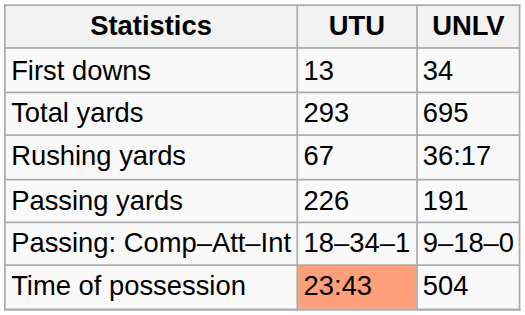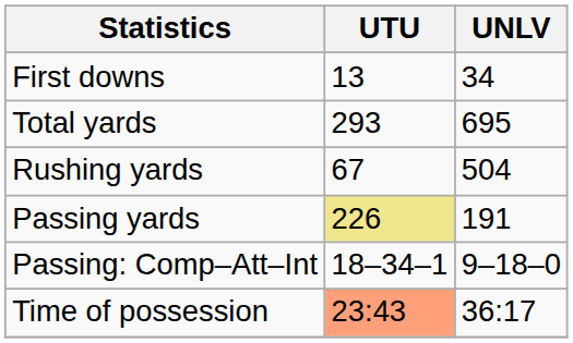 <table class="wikitable" style="float: left;">
 <tr>
 <th>Statistics</th>
 <th>UTU</th>
 <th>UNLV</th>
 </tr>
 <tr>
 <td>First downs</td>
 <td>13</td>
 <td>34</td>
 </tr>
 <tr>
 <td>Total yards</td>
 <td>293</td>
 <td>695</td>
 </tr>
 <tr>
 <td>Rushing yards</td>
 <td>67</td>
-<td>36:17</td>
+<td>504</td>
 </tr>
 <tr>
 <td>Passing yards</td>
-<td>226</td>
+<td style="background: khaki;">226</td>
 <td>191</td>
 </tr>
 <tr>
 <td>Passing: Comp–Att–Int</td>
 <td>18–34–1</td>
 <td>9–18–0</td>
 </tr>
 <tr>
 <td>Time of possession</td>
 <td style="background: lightsalmon;">23:43</td>
-<td>504</td>
+<td>36:17</td>
 </tr>
 <tr>
 </tr>
 </table>
